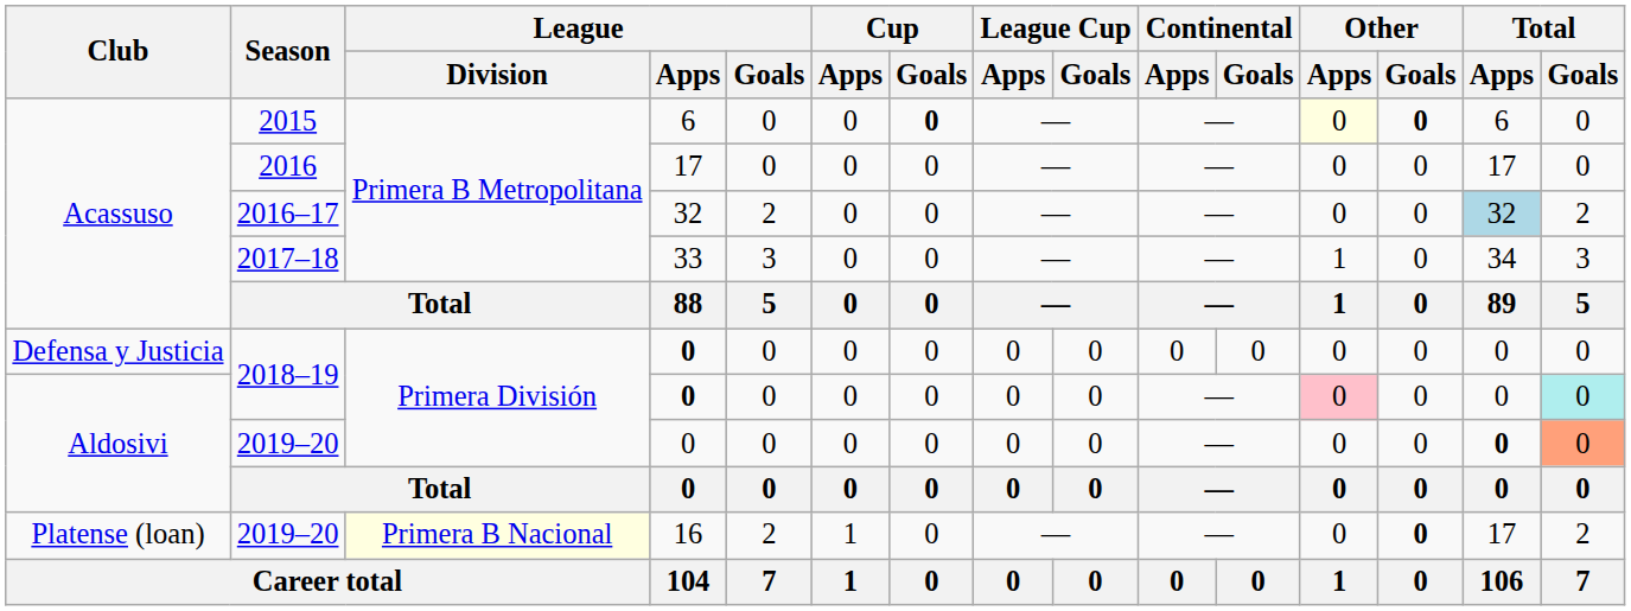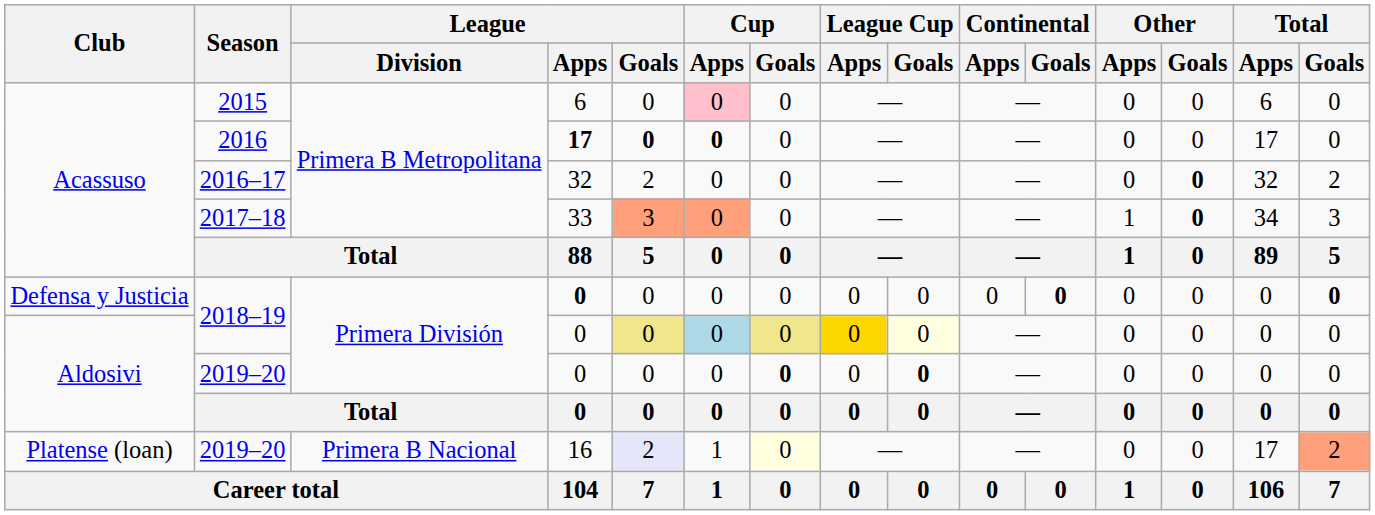 <table class="wikitable" style="text-align:center">
 <tr>
 <th rowspan="2">Club</th>
 <th rowspan="2">Season</th>
 <th colspan="3">League</th>
 <th colspan="2">Cup</th>
 <th colspan="2">League Cup</th>
 <th colspan="2">Continental</th>
 <th colspan="2">Other</th>
 <th colspan="2">Total</th>
 </tr>
 <tr>
 <th>Division</th>
 <th>Apps</th>
 <th>Goals</th>
 <th>Apps</th>
 <th>Goals</th>
 <th>Apps</th>
 <th>Goals</th>
 <th>Apps</th>
 <th>Goals</th>
 <th>Apps</th>
 <th>Goals</th>
 <th>Apps</th>
 <th>Goals</th>
 </tr>
 <tr>
 <td rowspan="5"><a href='#'>Acassuso</a></td>
 <td><a href='#'>2015</a></td>
 <td rowspan="4"><a href='#'>Primera B Metropolitana</a></td>
 <td>6</td>
 <td>0</td>
+<td style="background: pink;">0</td>
 <td>0</td>
-<td><strong>0</strong></td>
 <td colspan="2">—</td>
 <td colspan="2">—</td>
-<td style="background: lightyellow;">0</td>
-<td><strong>0</strong></td>
+<td>0</td>
+<td>0</td>
 <td>6</td>
 <td>0</td>
 </tr>
 <tr>
 <td><a href='#'>2016</a></td>
-<td>17</td>
-<td>0</td>
-<td>0</td>
+<td><strong>17</strong></td>
+<td><strong>0</strong></td>
+<td><strong>0</strong></td>
 <td>0</td>
 <td colspan="2">—</td>
 <td colspan="2">—</td>
 <td>0</td>
 <td>0</td>
 <td>17</td>
 <td>0</td>
 </tr>
 <tr>
 <td><a href='#'>2016–17</a></td>
 <td>32</td>
 <td>2</td>
 <td>0</td>
 <td>0</td>
 <td colspan="2">—</td>
 <td colspan="2">—</td>
 <td>0</td>
-<td>0</td>
-<td style="background: lightblue;">32</td>
+<td><strong>0</strong></td>
+<td>32</td>
 <td>2</td>
 </tr>
 <tr>
 <td><a href='#'>2017–18</a></td>
 <td>33</td>
-<td>3</td>
-<td>0</td>
+<td style="background: lightsalmon;">3</td>
+<td style="background: lightsalmon;">0</td>
 <td>0</td>
 <td colspan="2">—</td>
 <td colspan="2">—</td>
 <td>1</td>
-<td>0</td>
+<td><strong>0</strong></td>
 <td>34</td>
 <td>3</td>
 </tr>
 <tr>
 <th colspan="2">Total</th>
 <th>88</th>
 <th>5</th>
 <th>0</th>
 <th>0</th>
 <th colspan="2">—</th>
 <th colspan="2">—</th>
 <th>1</th>
 <th>0</th>
 <th>89</th>
 <th>5</th>
 </tr>
 <tr>
 <td rowspan="1"><a href='#'>Defensa y Justicia</a></td>
 <td rowspan="2"><a href='#'>2018–19</a></td>
 <td rowspan="3"><a href='#'>Primera División</a></td>
 <td><strong>0</strong></td>
 <td>0</td>
 <td>0</td>
 <td>0</td>
 <td>0</td>
 <td>0</td>
 <td>0</td>
+<td><strong>0</strong></td>
 <td>0</td>
+<td>0</td>
+<td>0</td>
+<td><strong>0</strong></td>
+</tr>
+<tr>
+<td rowspan="3"><a href='#'>Aldosivi</a></td>
+<td>0</td>
+<td style="background: khaki;">0</td>
+<td style="background: lightblue;">0</td>
+<td style="background: khaki;">0</td>
+<td style="background: gold;">0</td>
+<td style="background: lightyellow;">0</td>
+<td colspan="2">—</td>
 <td>0</td>
 <td>0</td>
 <td>0</td>
 <td>0</td>
 </tr>
 <tr>
-<td rowspan="3"><a href='#'>Aldosivi</a></td>
+<td><a href='#'>2019–20</a></td>
+<td>0</td>
+<td>0</td>
+<td>0</td>
 <td><strong>0</strong></td>
+<td>0</td>
+<td><strong>0</strong></td>
+<td colspan="2">—</td>
 <td>0</td>
 <td>0</td>
 <td>0</td>
 <td>0</td>
-<td>0</td>
-<td colspan="2">—</td>
-<td style="background: pink;">0</td>
-<td>0</td>
-<td>0</td>
-<td style="background: paleturquoise;">0</td>
-</tr>
-<tr>
-<td><a href='#'>2019–20</a></td>
-<td>0</td>
-<td>0</td>
-<td>0</td>
-<td>0</td>
-<td>0</td>
-<td>0</td>
-<td colspan="2">—</td>
-<td>0</td>
-<td>0</td>
-<td><strong>0</strong></td>
-<td style="background: lightsalmon;">0</td>
 </tr>
 <tr>
 <th colspan="2">Total</th>
 <th>0</th>
 <th>0</th>
 <th>0</th>
 <th>0</th>
 <th>0</th>
 <th>0</th>
 <th colspan="2">—</th>
 <th>0</th>
 <th>0</th>
 <th>0</th>
 <th>0</th>
 </tr>
 <tr>
 <td rowspan="1"><a href='#'>Platense</a> (loan)</td>
 <td><a href='#'>2019–20</a></td>
-<td rowspan="1" style="background: lightyellow;"><a href='#'>Primera B Nacional</a></td>
+<td rowspan="1"><a href='#'>Primera B Nacional</a></td>
 <td>16</td>
-<td>2</td>
+<td style="background: lavender;">2</td>
 <td>1</td>
-<td>0</td>
+<td style="background: lightyellow;">0</td>
 <td colspan="2">—</td>
 <td colspan="2">—</td>
 <td>0</td>
-<td><strong>0</strong></td>
+<td>0</td>
 <td>17</td>
-<td>2</td>
+<td style="background: lightsalmon;">2</td>
 </tr>
 <tr>
 <th colspan="3">Career total</th>
 <th>104</th>
 <th>7</th>
 <th>1</th>
 <th>0</th>
 <th>0</th>
 <th>0</th>
 <th>0</th>
 <th>0</th>
 <th>1</th>
 <th>0</th>
 <th>106</th>
 <th>7</th>
 </tr>
 </table>
